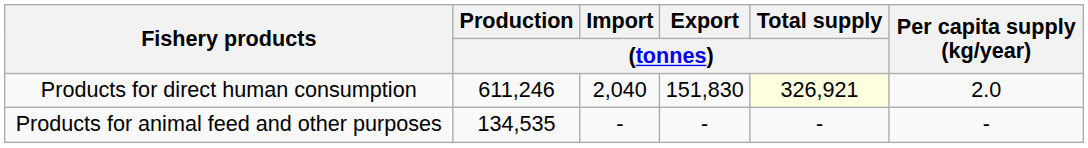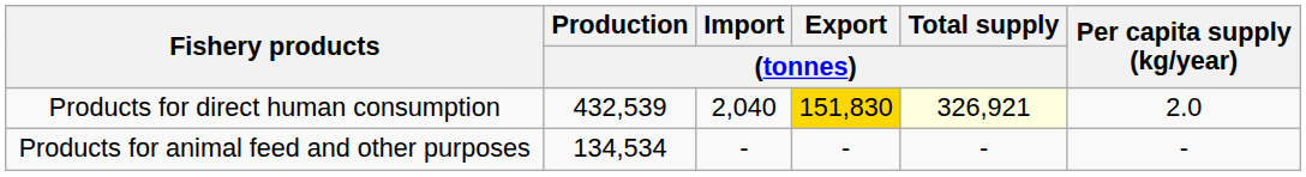 <table class="wikitable" style="text-align:center; align: center; width: 50em; font-size: 100%; border: 2">
 <tr>
 <th rowspan="2">Fishery products</th>
 <th>Production</th>
 <th>Import</th>
 <th>Export</th>
 <th>Total supply</th>
 <th rowspan="2">Per capita supply<br>(kg/year)</th>
 </tr>
 <tr>
 <th colspan="4">(<a href='#'>tonnes</a>)</th>
 </tr>
 <tr>
 <td>Products for direct human consumption</td>
-<td>611,246</td>
+<td>432,539</td>
 <td>2,040</td>
-<td>151,830</td>
+<td style="background: gold;">151,830</td>
 <td style="background: lightyellow;">326,921</td>
 <td>2.0</td>
 </tr>
 <tr>
 <td>Products for animal feed and other purposes</td>
-<td>134,535</td>
+<td>134,534</td>
 <td>-</td>
 <td>-</td>
 <td>-</td>
 <td>-</td>
 </tr>
 </table>
